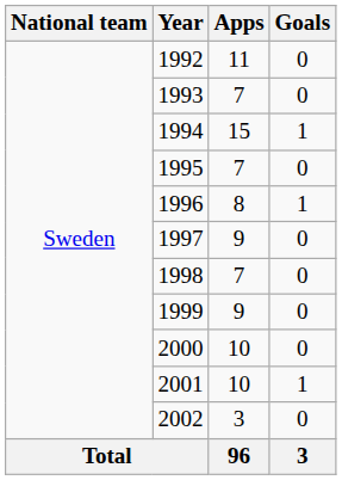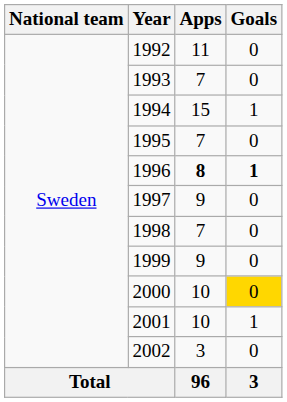 <table class="wikitable" style="text-align:center">
 <tr>
 <th>National team</th>
 <th>Year</th>
 <th>Apps</th>
 <th>Goals</th>
 </tr>
 <tr>
 <td rowspan="11"><a href='#'>Sweden</a></td>
 <td>1992</td>
 <td>11</td>
 <td>0</td>
 </tr>
 <tr>
 <td>1993</td>
 <td>7</td>
 <td>0</td>
 </tr>
 <tr>
 <td>1994</td>
 <td>15</td>
 <td>1</td>
 </tr>
 <tr>
 <td>1995</td>
 <td>7</td>
 <td>0</td>
 </tr>
 <tr>
 <td>1996</td>
-<td>8</td>
-<td>1</td>
+<td><strong>8</strong></td>
+<td><strong>1</strong></td>
 </tr>
 <tr>
 <td>1997</td>
 <td>9</td>
 <td>0</td>
 </tr>
 <tr>
 <td>1998</td>
 <td>7</td>
 <td>0</td>
 </tr>
 <tr>
 <td>1999</td>
 <td>9</td>
 <td>0</td>
 </tr>
 <tr>
 <td>2000</td>
 <td>10</td>
-<td>0</td>
+<td style="background: gold;">0</td>
 </tr>
 <tr>
 <td>2001</td>
 <td>10</td>
 <td>1</td>
 </tr>
 <tr>
 <td>2002</td>
 <td>3</td>
 <td>0</td>
 </tr>
 <tr>
 <th colspan="2">Total</th>
 <th>96</th>
 <th>3</th>
 </tr>
 </table>
